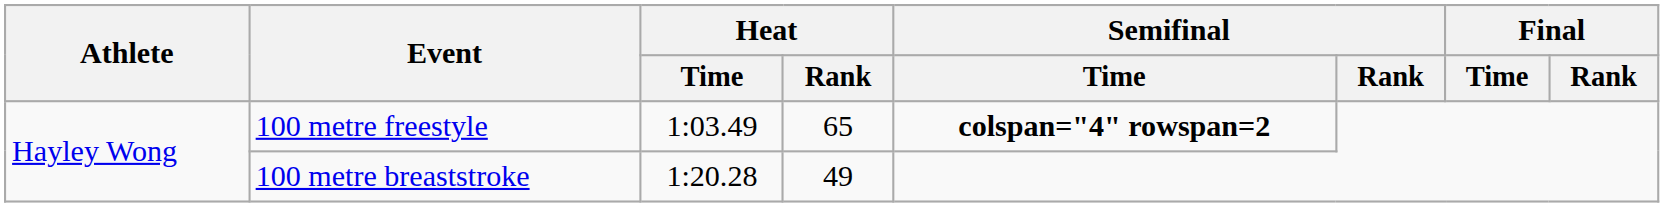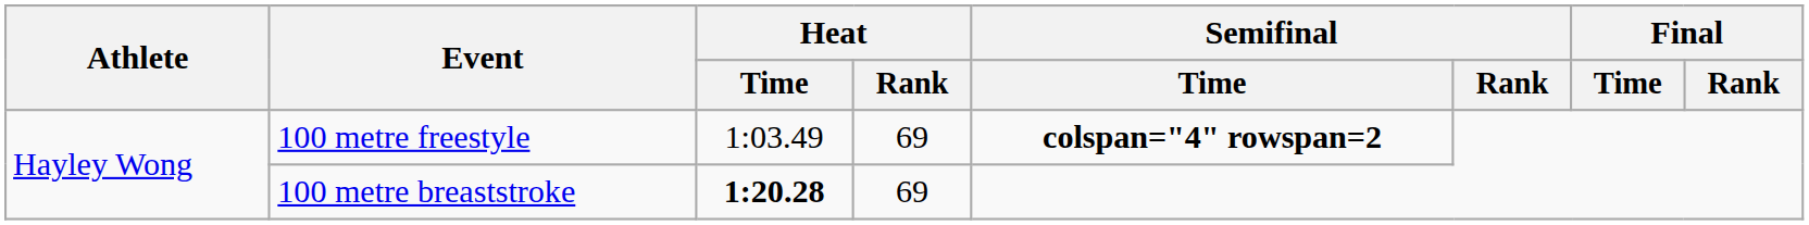 <table class="wikitable" style="text-align:center; font-size:90%; width:50%;">
 <tr>
 <th rowspan="2">Athlete</th>
 <th rowspan="2">Event</th>
 <th colspan="2">Heat</th>
 <th colspan="2">Semifinal</th>
 <th colspan="2">Final</th>
 </tr>
 <tr style="font-size:95%">
 <th>Time</th>
 <th>Rank</th>
 <th>Time</th>
 <th>Rank</th>
 <th>Time</th>
 <th>Rank</th>
 </tr>
 <tr>
 <td align=left rowspan=2><a href='#'>Hayley Wong</a></td>
 <td align=left><a href='#'>100 metre freestyle</a></td>
 <td>1:03.49</td>
-<td>65</td>
+<td>69</td>
 <td><strong>colspan="4" rowspan=2 </strong></td>
 </tr>
 <tr align=center>
 <td align=left><a href='#'>100 metre breaststroke</a></td>
-<td>1:20.28</td>
-<td>49</td>
+<td><strong>1:20.28</strong></td>
+<td>69</td>
 </tr>
 </table>
